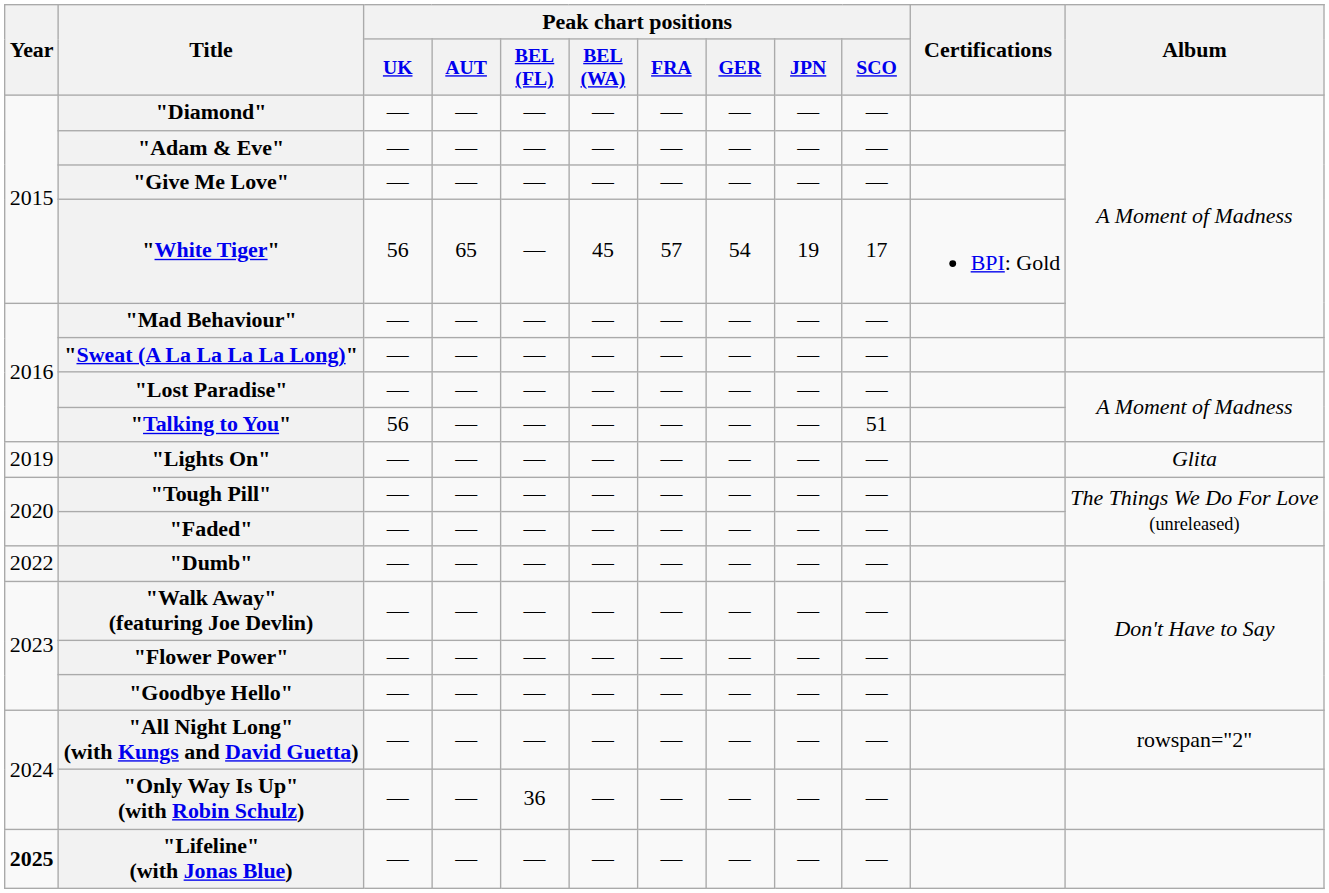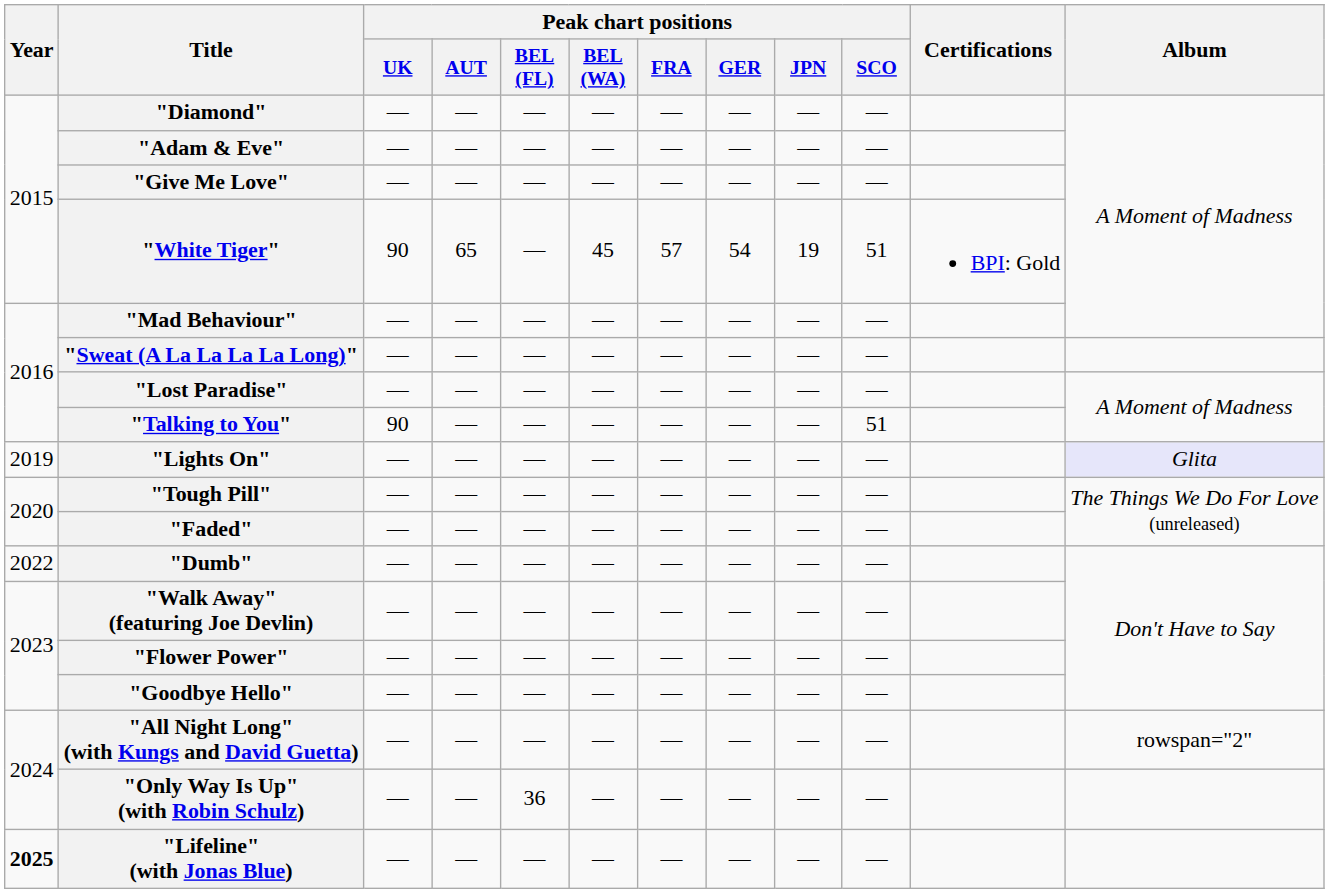 <table class="wikitable plainrowheaders" style="text-align:center;">
 <tr>
 <th scope="col" rowspan="2">Year</th>
 <th scope="col" rowspan="2">Title</th>
 <th scope="col" colspan="8">Peak chart positions</th>
 <th scope="col" rowspan="2">Certifications</th>
 <th scope="col" rowspan="2">Album</th>
 </tr>
 <tr>
 <th scope="col" style="width:3em;font-size:90%;"><a href='#'>UK</a><br></th>
 <th scope="col" style="width:3em;font-size:90%;"><a href='#'>AUT</a><br></th>
 <th scope="col" style="width:3em;font-size:90%;"><a href='#'>BEL<br>(FL)</a><br></th>
 <th scope="col" style="width:3em;font-size:90%;"><a href='#'>BEL<br>(WA)</a><br></th>
 <th scope="col" style="width:3em;font-size:90%;"><a href='#'>FRA</a><br></th>
 <th scope="col" style="width:3em;font-size:90%;"><a href='#'>GER</a><br></th>
 <th scope="col" style="width:3em;font-size:90%;"><a href='#'>JPN</a><br></th>
 <th scope="col" style="width:3em;font-size:90%;"><a href='#'>SCO</a><br></th>
 </tr>
 <tr>
 <td rowspan="4">2015</td>
 <th scope="row">"Diamond"</th>
 <td>—</td>
 <td>—</td>
 <td>—</td>
 <td>—</td>
 <td>—</td>
 <td>—</td>
 <td>—</td>
 <td>—</td>
 <td></td>
 <td rowspan="5"><em>A Moment of Madness</em></td>
 </tr>
 <tr>
 <th scope="row">"Adam & Eve"</th>
 <td>—</td>
 <td>—</td>
 <td>—</td>
 <td>—</td>
 <td>—</td>
 <td>—</td>
 <td>—</td>
 <td>—</td>
 <td></td>
 </tr>
 <tr>
 <th scope="row">"Give Me Love"</th>
 <td>—</td>
 <td>—</td>
 <td>—</td>
 <td>—</td>
 <td>—</td>
 <td>—</td>
 <td>—</td>
 <td>—</td>
 <td></td>
 </tr>
 <tr>
 <th scope="row">"<a href='#'>White Tiger</a>"</th>
-<td>56</td>
+<td>90</td>
 <td>65</td>
 <td>—</td>
 <td>45</td>
 <td>57<br></td>
 <td>54</td>
 <td>19</td>
-<td>17</td>
+<td>51</td>
 <td><br><ul><li><a href='#'>BPI</a>: Gold</li></ul></td>
 </tr>
 <tr>
 <td rowspan="4">2016</td>
 <th scope="row">"Mad Behaviour"</th>
 <td>—</td>
 <td>—</td>
 <td>—</td>
 <td>—</td>
 <td>—</td>
 <td>—</td>
 <td>—</td>
 <td>—</td>
 <td></td>
 </tr>
 <tr>
 <th scope="row">"<a href='#'>Sweat (A La La La La Long)</a>"</th>
 <td>—</td>
 <td>—</td>
 <td>—</td>
 <td>—</td>
 <td>—</td>
 <td>—</td>
 <td>—</td>
 <td>—</td>
 <td></td>
 <td></td>
 </tr>
 <tr>
 <th scope="row">"Lost Paradise"</th>
 <td>—</td>
 <td>—</td>
 <td>—</td>
 <td>—</td>
 <td>—</td>
 <td>—</td>
 <td>—</td>
 <td>—</td>
 <td></td>
 <td rowspan="2"><em>A Moment of Madness</em></td>
 </tr>
 <tr>
 <th scope="row">"<a href='#'>Talking to You</a>"</th>
-<td>56</td>
+<td>90</td>
 <td>—</td>
 <td>—</td>
 <td>—</td>
 <td>—</td>
 <td>—</td>
 <td>—</td>
 <td>51</td>
 <td></td>
 </tr>
 <tr>
 <td>2019</td>
 <th scope="row">"Lights On"</th>
 <td>—</td>
 <td>—</td>
 <td>—</td>
 <td>—</td>
 <td>—</td>
 <td>—</td>
 <td>—</td>
 <td>—</td>
 <td></td>
-<td><em>Glita</em></td>
+<td style="background: lavender;"><em>Glita</em></td>
 </tr>
 <tr>
 <td rowspan="2">2020</td>
 <th scope="row">"Tough Pill"</th>
 <td>—</td>
 <td>—</td>
 <td>—</td>
 <td>—</td>
 <td>—</td>
 <td>—</td>
 <td>—</td>
 <td>—</td>
 <td></td>
 <td rowspan="2"><em>The Things We Do For Love</em><br><small>(unreleased)</small></td>
 </tr>
 <tr>
 <th scope="row">"Faded"</th>
 <td>—</td>
 <td>—</td>
 <td>—</td>
 <td>—</td>
 <td>—</td>
 <td>—</td>
 <td>—</td>
 <td>—</td>
 <td></td>
 </tr>
 <tr>
 <td>2022</td>
 <th scope="row">"Dumb"</th>
 <td>—</td>
 <td>—</td>
 <td>—</td>
 <td>—</td>
 <td>—</td>
 <td>—</td>
 <td>—</td>
 <td>—</td>
 <td></td>
 <td rowspan="4"><em>Don't Have to Say</em></td>
 </tr>
 <tr>
 <td rowspan="3">2023</td>
 <th scope="row">"Walk Away"<br><span>(featuring Joe Devlin)</span></th>
 <td>—</td>
 <td>—</td>
 <td>—</td>
 <td>—</td>
 <td>—</td>
 <td>—</td>
 <td>—</td>
 <td>—</td>
 <td></td>
 </tr>
 <tr>
 <th scope="row">"Flower Power"</th>
 <td>—</td>
 <td>—</td>
 <td>—</td>
 <td>—</td>
 <td>—</td>
 <td>—</td>
 <td>—</td>
 <td>—</td>
 <td></td>
 </tr>
 <tr>
 <th scope="row">"Goodbye Hello"</th>
 <td>—</td>
 <td>—</td>
 <td>—</td>
 <td>—</td>
 <td>—</td>
 <td>—</td>
 <td>—</td>
 <td>—</td>
 <td></td>
 </tr>
 <tr>
 <td rowspan="2">2024</td>
 <th scope="row">"All Night Long"<br><span>(with <a href='#'>Kungs</a> and <a href='#'>David Guetta</a>)</span></th>
 <td>—</td>
 <td>—</td>
 <td>—</td>
 <td>—</td>
 <td>—</td>
 <td>—</td>
 <td>—</td>
 <td>—</td>
 <td></td>
 <td>rowspan="2" </td>
 </tr>
 <tr>
 <th scope="row">"Only Way Is Up"<br><span>(with <a href='#'>Robin Schulz</a>)</span></th>
 <td>—</td>
 <td>—</td>
 <td>36</td>
 <td>—</td>
 <td>—</td>
 <td>—</td>
 <td>—</td>
 <td>—</td>
 <td></td>
 </tr>
 <tr>
 <td rowspan="1"><strong>2025</strong></td>
 <th scope="row">"Lifeline"<br><span>(with <a href='#'>Jonas Blue</a>)</span></th>
 <td>—</td>
 <td>—</td>
 <td>—</td>
 <td>—</td>
 <td>—</td>
 <td>—</td>
 <td>—</td>
 <td>—</td>
 <td></td>
 <td></td>
 </tr>
 </table>
